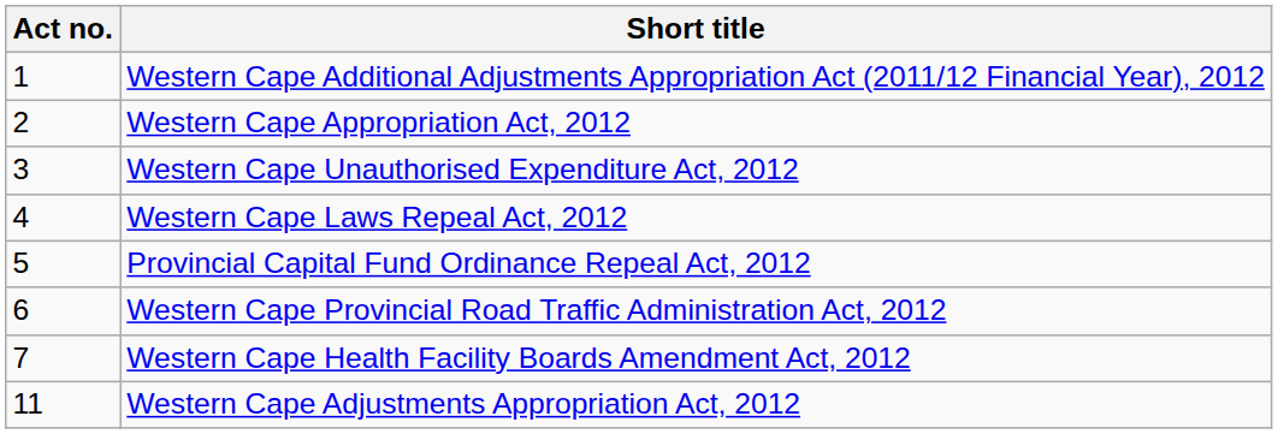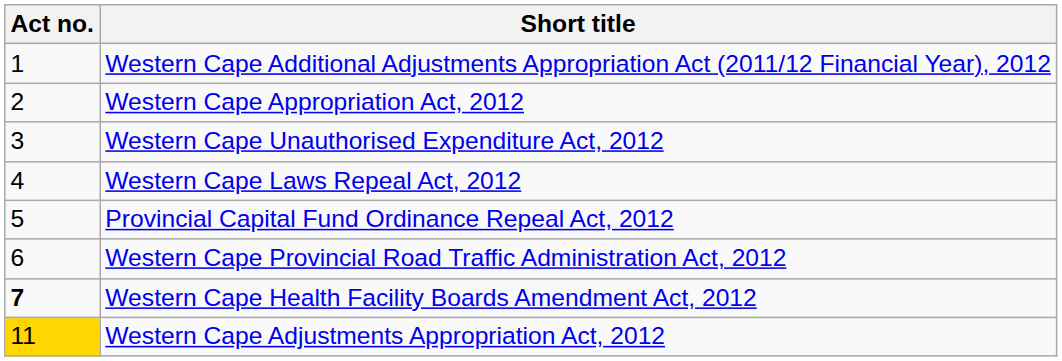 <table class=wikitable sortable>
 <tr>
 <th>Act no.</th>
 <th>Short title</th>
 </tr>
 <tr>
 <td>1</td>
 <td><a href='#'>Western Cape Additional Adjustments Appropriation Act (2011/12 Financial Year), 2012</a></td>
 </tr>
 <tr>
 <td>2</td>
 <td><a href='#'>Western Cape Appropriation Act, 2012</a></td>
 </tr>
 <tr>
 <td>3</td>
 <td><a href='#'>Western Cape Unauthorised Expenditure Act, 2012</a></td>
 </tr>
 <tr>
 <td>4</td>
 <td><a href='#'>Western Cape Laws Repeal Act, 2012</a></td>
 </tr>
 <tr>
 <td>5</td>
 <td><a href='#'>Provincial Capital Fund Ordinance Repeal Act, 2012</a></td>
 </tr>
 <tr>
 <td>6</td>
 <td><a href='#'>Western Cape Provincial Road Traffic Administration Act, 2012</a></td>
 </tr>
 <tr>
-<td>7</td>
+<td><strong>7</strong></td>
 <td><a href='#'>Western Cape Health Facility Boards Amendment Act, 2012</a></td>
 </tr>
 <tr>
-<td>11</td>
+<td style="background: gold;">11</td>
 <td><a href='#'>Western Cape Adjustments Appropriation Act, 2012</a></td>
 </tr>
 </table>
